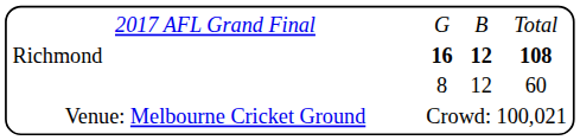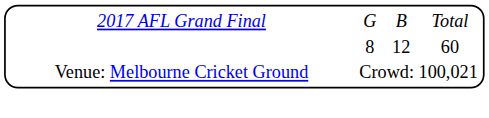 <table style="margin-right:4px; margin-top:8px; float:right; border:1px #000 solid; border-radius:8px; background:#fff; font-family:Verdana; font-size:8pt; text-align:center;">
 <tr>
 <td style="width:200px;"><em><a href='#'>2017 AFL Grand Final</a></em></td>
 <td><em>G</em></td>
 <td><em>B</em></td>
 <td><em>Total</em></td>
-</tr>
-<tr>
-<td style="text-align:left">Richmond</td>
-<td><strong>16</strong></td>
-<td><strong>12</strong></td>
-<td><strong>108</strong></td>
 </tr>
 <tr>
 <td style="text-align:left"></td>
 <td>8</td>
 <td>12</td>
 <td>60</td>
 </tr>
 <tr>
 <td>Venue: <a href='#'>Melbourne Cricket Ground</a></td>
 <td colspan="3">Crowd: 100,021</td>
 </tr>
 </table>
